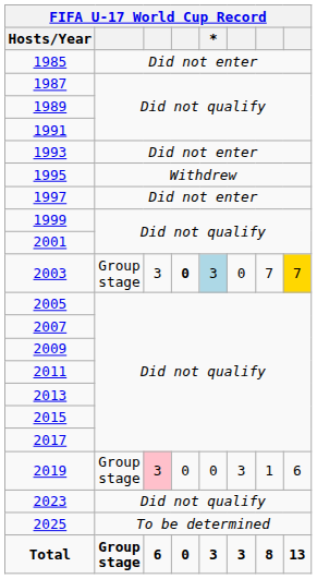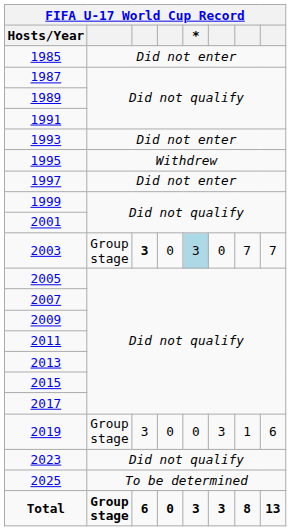 <table class="wikitable" style="text-align: center;">
 <tr>
 <th colspan=9><a href='#'>FIFA U-17 World Cup Record</a></th>
 </tr>
 <tr>
 <th>Hosts/Year</th>
 <th width=20></th>
 <th width=20></th>
 <th width=20></th>
 <th width=20>*</th>
 <th width=20></th>
 <th width=20></th>
 <th width=20></th>
 </tr>
 <tr>
 <td> <a href='#'>1985</a></td>
 <td colspan=7 rowspan=1><em>Did not enter</em></td>
 </tr>
 <tr>
 <td> <a href='#'>1987</a></td>
 <td colspan=7 rowspan=3><em>Did not qualify</em></td>
 </tr>
 <tr>
 <td> <a href='#'>1989</a></td>
 </tr>
 <tr>
 <td> <a href='#'>1991</a></td>
 </tr>
 <tr>
 <td> <a href='#'>1993</a></td>
 <td colspan=7><em>Did not enter</em></td>
 </tr>
 <tr>
 <td> <a href='#'>1995</a></td>
 <td colspan=7 rowspan=1><em>Withdrew</em></td>
 </tr>
 <tr>
 <td> <a href='#'>1997</a></td>
 <td colspan=7 rowspan=1><em>Did not enter</em></td>
 </tr>
 <tr>
 <td> <a href='#'>1999</a></td>
 <td colspan=7 rowspan=2><em>Did not qualify</em></td>
 </tr>
 <tr>
 <td> <a href='#'>2001</a></td>
 </tr>
 <tr>
 <td> <a href='#'>2003</a></td>
 <td>Group stage</td>
-<td>3</td>
-<td><strong>0</strong></td>
+<td><strong>3</strong></td>
+<td>0</td>
 <td style="background: lightblue;">3</td>
 <td>0</td>
 <td>7</td>
-<td style="background: gold;">7</td>
+<td>7</td>
 </tr>
 <tr>
 <td> <a href='#'>2005</a></td>
 <td colspan=7 rowspan=7><em>Did not qualify</em></td>
 </tr>
 <tr>
 <td> <a href='#'>2007</a></td>
 </tr>
 <tr>
 <td> <a href='#'>2009</a></td>
 </tr>
 <tr>
 <td> <a href='#'>2011</a></td>
 </tr>
 <tr>
 <td> <a href='#'>2013</a></td>
 </tr>
 <tr>
 <td> <a href='#'>2015</a></td>
 </tr>
 <tr>
 <td> <a href='#'>2017</a></td>
 </tr>
 <tr>
 <td> <a href='#'>2019</a></td>
 <td>Group stage</td>
-<td style="background: pink;">3</td>
+<td>3</td>
 <td>0</td>
 <td>0</td>
 <td>3</td>
 <td>1</td>
 <td>6</td>
 </tr>
 <tr>
 <td> <a href='#'>2023</a></td>
 <td colspan=7><em>Did not qualify</em></td>
 </tr>
 <tr>
 <td> <a href='#'>2025</a></td>
 <td colspan=7><em>To be determined</em></td>
 </tr>
 <tr>
 <td><strong>Total</strong></td>
 <td><strong>Group stage</strong></td>
 <td><strong>6</strong></td>
 <td><strong>0</strong></td>
 <td><strong>3</strong></td>
 <td><strong>3</strong></td>
 <td><strong>8</strong></td>
 <td><strong>13</strong></td>
 </tr>
 </table>
